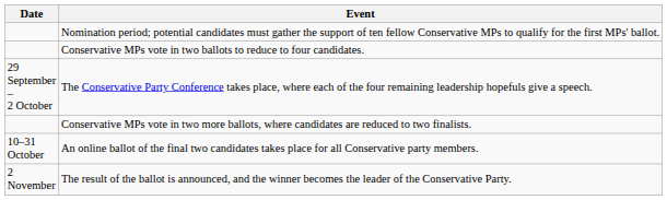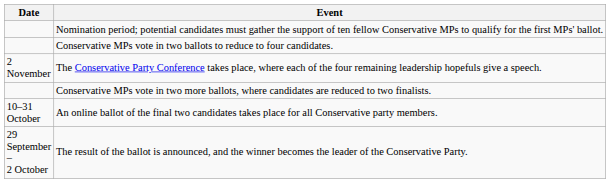 <table class="wikitable">
 <tr>
 <th style="width:4em">Date</th>
 <th>Event</th>
 </tr>
 <tr>
 <td></td>
 <td>Nomination period; potential candidates must gather the support of ten fellow Conservative MPs to qualify for the first MPs' ballot.</td>
 </tr>
 <tr>
 <td></td>
 <td>Conservative MPs vote in two ballots to reduce to four candidates.</td>
 </tr>
 <tr>
-<td>29 September – <br>2 October</td>
+<td>2 November</td>
 <td>The <a href='#'>Conservative Party Conference</a> takes place, where each of the four remaining leadership hopefuls give a speech.</td>
 </tr>
 <tr>
 <td></td>
 <td>Conservative MPs vote in two more ballots, where candidates are reduced to two finalists.</td>
 </tr>
 <tr>
 <td>10–31 October</td>
 <td>An online ballot of the final two candidates takes place for all Conservative party members.</td>
 </tr>
 <tr>
-<td>2 November</td>
+<td>29 September – <br>2 October</td>
 <td>The result of the ballot is announced, and the winner becomes the leader of the Conservative Party.</td>
 </tr>
 </table>
